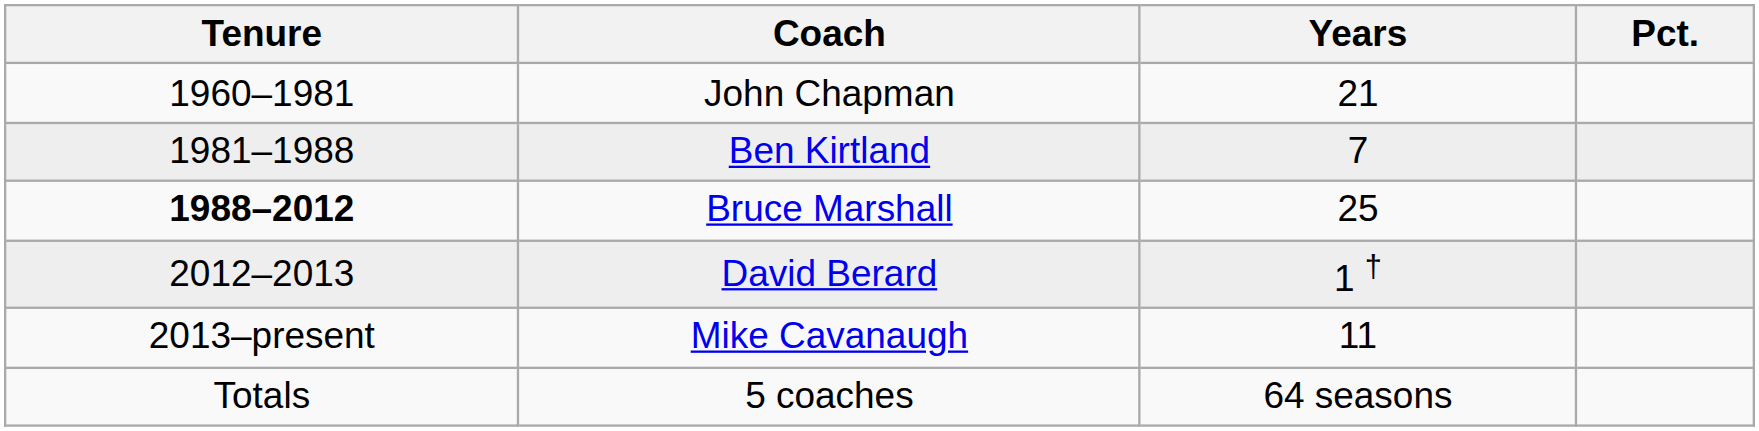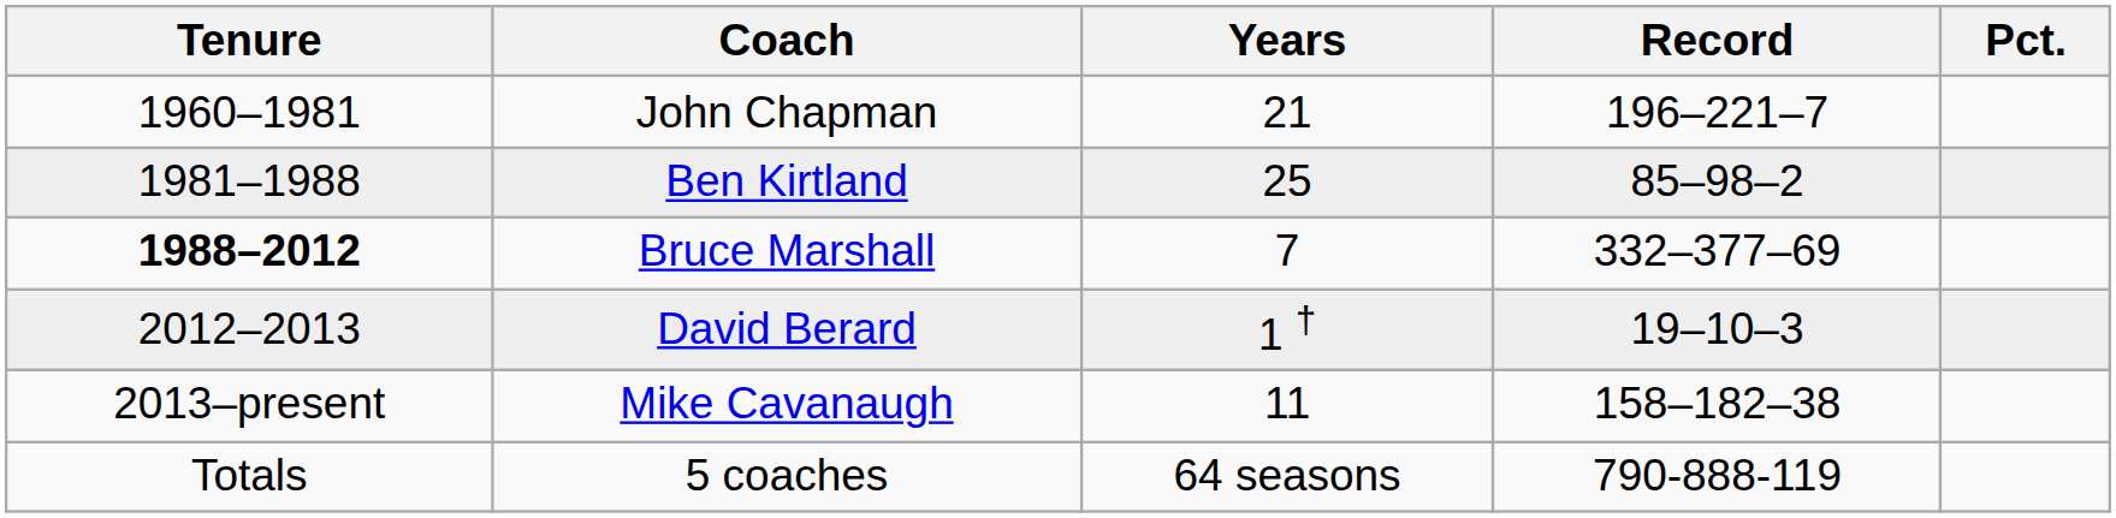 <table class="wikitable" style="width:60%;">
 <tr>
 <th>Tenure</th>
 <th>Coach</th>
 <th>Years</th>
+<th>Record</th>
 <th>Pct.</th>
 </tr>
 <tr style="text-align:center;">
 <td>1960–1981</td>
 <td>John Chapman</td>
 <td>21</td>
+<td>196–221–7</td>
 <td></td>
 </tr>
 <tr style="text-align:center; background:#eee;">
 <td>1981–1988</td>
 <td><a href='#'>Ben Kirtland</a></td>
-<td>7</td>
+<td>25</td>
+<td>85–98–2</td>
 <td></td>
 </tr>
 <tr style="text-align:center;">
 <td><strong>1988–2012</strong></td>
 <td><a href='#'>Bruce Marshall</a></td>
-<td>25</td>
+<td>7</td>
+<td>332–377–69</td>
 <td></td>
 </tr>
 <tr style="text-align:center; background:#eee;">
 <td>2012–2013</td>
 <td><a href='#'>David Berard</a></td>
 <td>1 <sup>†</sup></td>
+<td>19–10–3</td>
 <td></td>
 </tr>
 <tr style="text-align:center;">
 <td>2013–present</td>
 <td><a href='#'>Mike Cavanaugh</a></td>
 <td>11</td>
+<td>158–182–38</td>
 <td></td>
 </tr>
 <tr style="text-align:center;">
 <td>Totals</td>
 <td>5 coaches</td>
 <td>64 seasons</td>
+<td>790-888-119</td>
 <td></td>
 </tr>
 </table>
